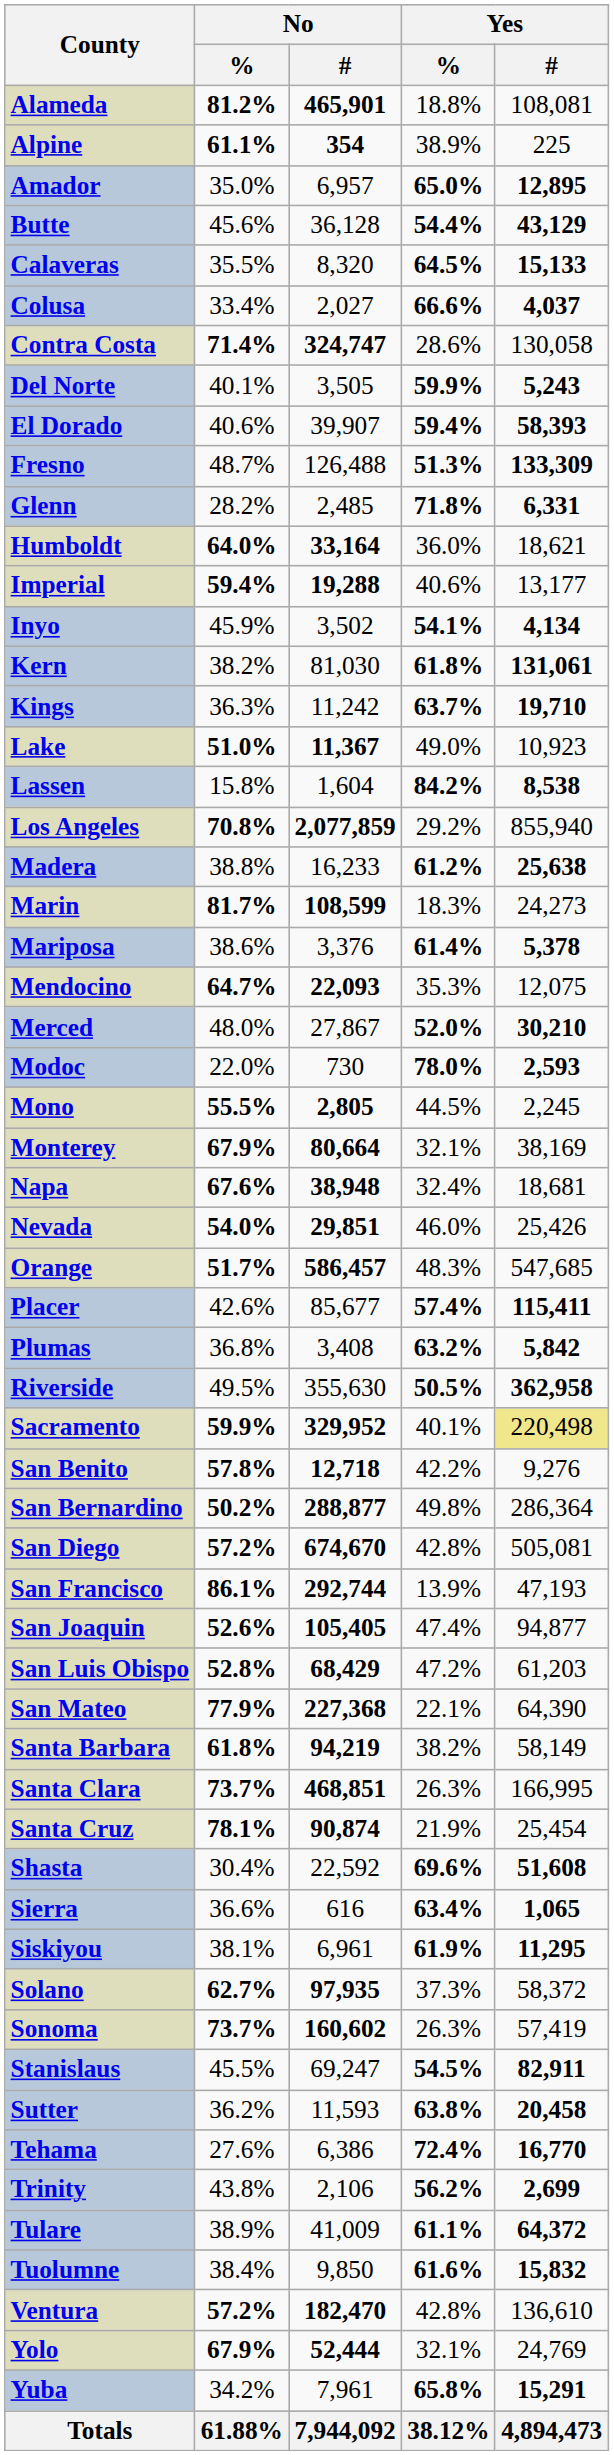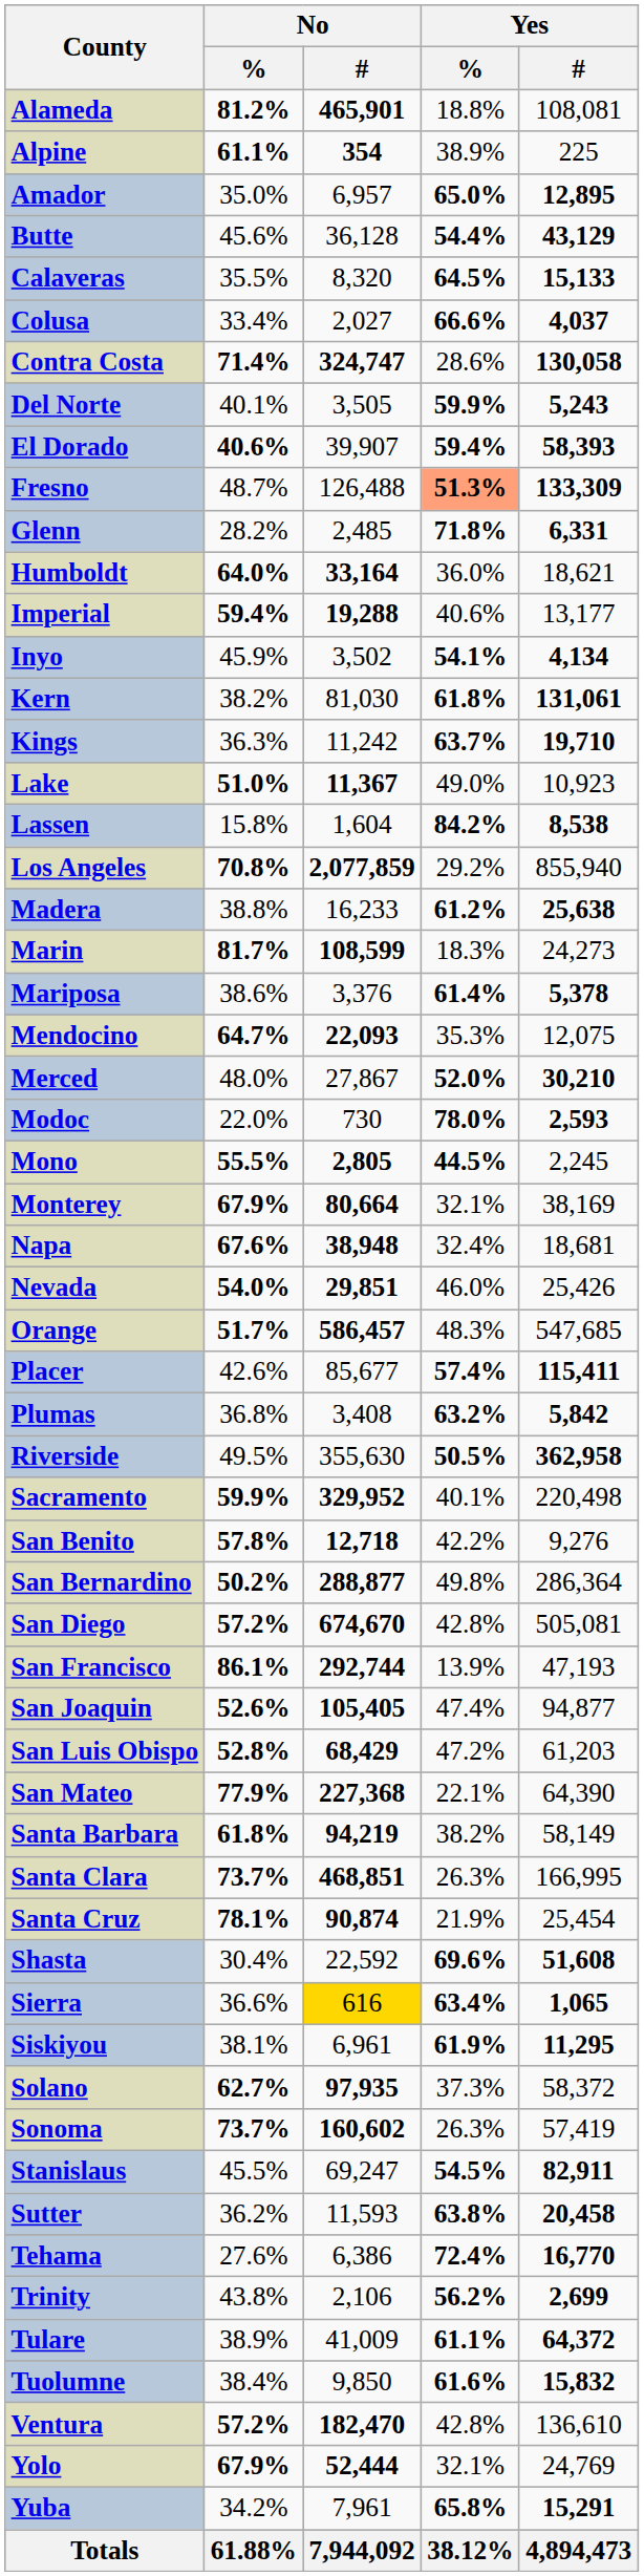 <table class="wikitable sortable">
 <tr>
 <th rowspan="2"  colspan="1">County</th>
 <th colspan="2">No</th>
 <th colspan="2">Yes</th>
 </tr>
 <tr>
 <th>%</th>
 <th>#</th>
 <th>%</th>
 <th>#</th>
 </tr>
 <tr>
 <td style="background:#DEDEBD"><strong><a href='#'>Alameda</a></strong></td>
 <td align=center><strong>81.2%</strong></td>
 <td align="center"><strong>465,901</strong></td>
 <td align="center">18.8%</td>
 <td align="center">108,081</td>
 </tr>
 <tr>
 <td style="background:#DEDEBD"><strong><a href='#'>Alpine</a></strong></td>
 <td align=center><strong>61.1%</strong></td>
 <td align="center"><strong>354</strong></td>
 <td align="center">38.9%</td>
 <td align="center">225</td>
 </tr>
 <tr>
 <td style="background:#B6C8D9"><strong><a href='#'>Amador</a></strong></td>
 <td align=center>35.0%</td>
 <td align="center">6,957</td>
 <td align="center"><strong>65.0%</strong></td>
 <td align="center"><strong>12,895</strong></td>
 </tr>
 <tr>
 <td style="background:#B6C8D9"><strong><a href='#'>Butte</a></strong></td>
 <td align=center>45.6%</td>
 <td align="center">36,128</td>
 <td align="center"><strong>54.4%</strong></td>
 <td align="center"><strong>43,129</strong></td>
 </tr>
 <tr>
 <td style="background:#B6C8D9"><strong><a href='#'>Calaveras</a></strong></td>
 <td align=center>35.5%</td>
 <td align="center">8,320</td>
 <td align="center"><strong>64.5%</strong></td>
 <td align="center"><strong>15,133</strong></td>
 </tr>
 <tr>
 <td style="background:#B6C8D9"><strong><a href='#'>Colusa</a></strong></td>
 <td align=center>33.4%</td>
 <td align="center">2,027</td>
 <td align="center"><strong>66.6%</strong></td>
 <td align="center"><strong>4,037</strong></td>
 </tr>
 <tr>
 <td style="background:#DEDEBD"><strong><a href='#'>Contra Costa</a></strong></td>
 <td align=center><strong>71.4%</strong></td>
 <td align="center"><strong>324,747</strong></td>
 <td align="center">28.6%</td>
-<td align="center">130,058</td>
+<td align="center"><strong>130,058</strong></td>
 </tr>
 <tr>
 <td style="background:#B6C8D9"><strong><a href='#'>Del Norte</a></strong></td>
 <td align=center>40.1%</td>
 <td align="center">3,505</td>
 <td align="center"><strong>59.9%</strong></td>
 <td align="center"><strong>5,243</strong></td>
 </tr>
 <tr>
 <td style="background:#B6C8D9"><strong><a href='#'>El Dorado</a></strong></td>
-<td align=center>40.6%</td>
+<td align=center><strong>40.6%</strong></td>
 <td align="center">39,907</td>
 <td align="center"><strong>59.4%</strong></td>
 <td align="center"><strong>58,393</strong></td>
 </tr>
 <tr>
 <td style="background:#B6C8D9"><strong><a href='#'>Fresno</a></strong></td>
 <td align=center>48.7%</td>
 <td align="center">126,488</td>
-<td align="center"><strong>51.3%</strong></td>
+<td align="center" style="background: lightsalmon;"><strong>51.3%</strong></td>
 <td align="center"><strong>133,309</strong></td>
 </tr>
 <tr>
 <td style="background:#B6C8D9"><strong><a href='#'>Glenn</a></strong></td>
 <td align=center>28.2%</td>
 <td align="center">2,485</td>
 <td align="center"><strong>71.8%</strong></td>
 <td align="center"><strong>6,331</strong></td>
 </tr>
 <tr>
 <td style="background:#DEDEBD"><strong><a href='#'>Humboldt</a></strong></td>
 <td align=center><strong>64.0%</strong></td>
 <td align="center"><strong>33,164</strong></td>
 <td align="center">36.0%</td>
 <td align="center">18,621</td>
 </tr>
 <tr>
 <td style="background:#DEDEBD"><strong><a href='#'>Imperial</a></strong></td>
 <td align=center><strong>59.4%</strong></td>
 <td align="center"><strong>19,288</strong></td>
 <td align="center">40.6%</td>
 <td align="center">13,177</td>
 </tr>
 <tr>
 <td style="background:#B6C8D9"><strong><a href='#'>Inyo</a></strong></td>
 <td align=center>45.9%</td>
 <td align="center">3,502</td>
 <td align="center"><strong>54.1%</strong></td>
 <td align="center"><strong>4,134</strong></td>
 </tr>
 <tr>
 <td style="background:#B6C8D9"><strong><a href='#'>Kern</a></strong></td>
 <td align=center>38.2%</td>
 <td align="center">81,030</td>
 <td align="center"><strong>61.8%</strong></td>
 <td align="center"><strong>131,061</strong></td>
 </tr>
 <tr>
 <td style="background:#B6C8D9"><strong><a href='#'>Kings</a></strong></td>
 <td align=center>36.3%</td>
 <td align="center">11,242</td>
 <td align="center"><strong>63.7%</strong></td>
 <td align="center"><strong>19,710</strong></td>
 </tr>
 <tr>
 <td style="background:#DEDEBD"><strong><a href='#'>Lake</a></strong></td>
 <td align=center><strong>51.0%</strong></td>
 <td align="center"><strong>11,367</strong></td>
 <td align="center">49.0%</td>
 <td align="center">10,923</td>
 </tr>
 <tr>
 <td style="background:#B6C8D9"><strong><a href='#'>Lassen</a></strong></td>
 <td align=center>15.8%</td>
 <td align="center">1,604</td>
 <td align="center"><strong>84.2%</strong></td>
 <td align="center"><strong>8,538</strong></td>
 </tr>
 <tr>
 <td style="background:#DEDEBD"><strong><a href='#'>Los Angeles</a></strong></td>
 <td align=center><strong>70.8%</strong></td>
 <td align="center"><strong>2,077,859</strong></td>
 <td align="center">29.2%</td>
 <td align="center">855,940</td>
 </tr>
 <tr>
 <td style="background:#B6C8D9"><strong><a href='#'>Madera</a></strong></td>
 <td align=center>38.8%</td>
 <td align="center">16,233</td>
 <td align="center"><strong>61.2%</strong></td>
 <td align="center"><strong>25,638</strong></td>
 </tr>
 <tr>
 <td style="background:#DEDEBD"><strong><a href='#'>Marin</a></strong></td>
 <td align=center><strong>81.7%</strong></td>
 <td align="center"><strong>108,599</strong></td>
 <td align="center">18.3%</td>
 <td align="center">24,273</td>
 </tr>
 <tr>
 <td style="background:#B6C8D9"><strong><a href='#'>Mariposa</a></strong></td>
 <td align=center>38.6%</td>
 <td align="center">3,376</td>
 <td align="center"><strong>61.4%</strong></td>
 <td align="center"><strong>5,378</strong></td>
 </tr>
 <tr>
 <td style="background:#DEDEBD"><strong><a href='#'>Mendocino</a></strong></td>
 <td align=center><strong>64.7%</strong></td>
 <td align="center"><strong>22,093</strong></td>
 <td align="center">35.3%</td>
 <td align="center">12,075</td>
 </tr>
 <tr>
 <td style="background:#B6C8D9"><strong><a href='#'>Merced</a></strong></td>
 <td align=center>48.0%</td>
 <td align="center">27,867</td>
 <td align="center"><strong>52.0%</strong></td>
 <td align="center"><strong>30,210</strong></td>
 </tr>
 <tr>
 <td style="background:#B6C8D9"><strong><a href='#'>Modoc</a></strong></td>
 <td align=center>22.0%</td>
 <td align="center">730</td>
 <td align="center"><strong>78.0%</strong></td>
 <td align="center"><strong>2,593</strong></td>
 </tr>
 <tr>
 <td style="background:#DEDEBD"><strong><a href='#'>Mono</a></strong></td>
 <td align=center><strong>55.5%</strong></td>
 <td align="center"><strong>2,805</strong></td>
-<td align="center">44.5%</td>
+<td align="center"><strong>44.5%</strong></td>
 <td align="center">2,245</td>
 </tr>
 <tr>
 <td style="background:#DEDEBD"><strong><a href='#'>Monterey</a></strong></td>
 <td align=center><strong>67.9%</strong></td>
 <td align="center"><strong>80,664</strong></td>
 <td align="center">32.1%</td>
 <td align="center">38,169</td>
 </tr>
 <tr>
 <td style="background:#DEDEBD"><strong><a href='#'>Napa</a></strong></td>
 <td align=center><strong>67.6%</strong></td>
 <td align="center"><strong>38,948</strong></td>
 <td align="center">32.4%</td>
 <td align="center">18,681</td>
 </tr>
 <tr>
 <td style="background:#DEDEBD"><strong><a href='#'>Nevada</a></strong></td>
 <td align=center><strong>54.0%</strong></td>
 <td align="center"><strong>29,851</strong></td>
 <td align="center">46.0%</td>
 <td align="center">25,426</td>
 </tr>
 <tr>
 <td style="background:#DEDEBD"><strong><a href='#'>Orange</a></strong></td>
 <td align=center><strong>51.7%</strong></td>
 <td align="center"><strong>586,457</strong></td>
 <td align="center">48.3%</td>
 <td align="center">547,685</td>
 </tr>
 <tr>
 <td style="background:#B6C8D9"><strong><a href='#'>Placer</a></strong></td>
 <td align=center>42.6%</td>
 <td align="center">85,677</td>
 <td align="center"><strong>57.4%</strong></td>
 <td align="center"><strong>115,411</strong></td>
 </tr>
 <tr>
 <td style="background:#B6C8D9"><strong><a href='#'>Plumas</a></strong></td>
 <td align=center>36.8%</td>
 <td align="center">3,408</td>
 <td align="center"><strong>63.2%</strong></td>
 <td align="center"><strong>5,842</strong></td>
 </tr>
 <tr>
 <td style="background:#B6C8D9"><strong><a href='#'>Riverside</a></strong></td>
 <td align=center>49.5%</td>
 <td align="center">355,630</td>
 <td align="center"><strong>50.5%</strong></td>
 <td align="center"><strong>362,958</strong></td>
 </tr>
 <tr>
 <td style="background:#DEDEBD"><strong><a href='#'>Sacramento</a></strong></td>
 <td align=center><strong>59.9%</strong></td>
 <td align="center"><strong>329,952</strong></td>
 <td align="center">40.1%</td>
-<td align="center" style="background: khaki;">220,498</td>
+<td align="center">220,498</td>
 </tr>
 <tr>
 <td style="background:#DEDEBD"><strong><a href='#'>San Benito</a></strong></td>
 <td align=center><strong>57.8%</strong></td>
 <td align="center"><strong>12,718</strong></td>
 <td align="center">42.2%</td>
 <td align="center">9,276</td>
 </tr>
 <tr>
 <td style="background:#DEDEBD"><strong><a href='#'>San Bernardino</a></strong></td>
 <td align=center><strong>50.2%</strong></td>
 <td align="center"><strong>288,877</strong></td>
 <td align="center">49.8%</td>
 <td align="center">286,364</td>
 </tr>
 <tr>
 <td style="background:#DEDEBD"><strong><a href='#'>San Diego</a></strong></td>
 <td align=center><strong>57.2%</strong></td>
 <td align="center"><strong>674,670</strong></td>
 <td align="center">42.8%</td>
 <td align="center">505,081</td>
 </tr>
 <tr>
 <td style="background:#DEDEBD"><strong><a href='#'>San Francisco</a></strong></td>
 <td align="center"><strong>86.1%</strong></td>
 <td align="center"><strong>292,744</strong></td>
 <td align="center">13.9%</td>
 <td align="center">47,193</td>
 </tr>
 <tr>
 <td style="background:#DEDEBD"><strong><a href='#'>San Joaquin</a></strong></td>
 <td align=center><strong>52.6%</strong></td>
 <td align="center"><strong>105,405</strong></td>
 <td align="center">47.4%</td>
 <td align="center">94,877</td>
 </tr>
 <tr>
 <td style="background:#DEDEBD"><strong><a href='#'>San Luis Obispo</a></strong></td>
 <td align=center><strong>52.8%</strong></td>
 <td align="center"><strong>68,429</strong></td>
 <td align="center">47.2%</td>
 <td align="center">61,203</td>
 </tr>
 <tr>
 <td style="background:#DEDEBD"><strong><a href='#'>San Mateo</a></strong></td>
 <td align=center><strong>77.9%</strong></td>
 <td align="center"><strong>227,368</strong></td>
 <td align="center">22.1%</td>
 <td align="center">64,390</td>
 </tr>
 <tr>
 <td style="background:#DEDEBD"><strong><a href='#'>Santa Barbara</a></strong></td>
 <td align=center><strong>61.8%</strong></td>
 <td align="center"><strong>94,219</strong></td>
 <td align="center">38.2%</td>
 <td align="center">58,149</td>
 </tr>
 <tr>
 <td style="background:#DEDEBD"><strong><a href='#'>Santa Clara</a></strong></td>
 <td align=center><strong>73.7%</strong></td>
 <td align="center"><strong>468,851</strong></td>
 <td align="center">26.3%</td>
 <td align="center">166,995</td>
 </tr>
 <tr>
 <td style="background:#DEDEBD"><strong><a href='#'>Santa Cruz</a></strong></td>
 <td align=center><strong>78.1%</strong></td>
 <td align="center"><strong>90,874</strong></td>
 <td align="center">21.9%</td>
 <td align="center">25,454</td>
 </tr>
 <tr>
 <td style="background:#B6C8D9"><strong><a href='#'>Shasta</a></strong></td>
 <td align=center>30.4%</td>
 <td align="center">22,592</td>
 <td align="center"><strong>69.6%</strong></td>
 <td align="center"><strong>51,608</strong></td>
 </tr>
 <tr>
 <td style="background:#B6C8D9"><strong><a href='#'>Sierra</a></strong></td>
 <td align=center>36.6%</td>
-<td align="center">616</td>
+<td align="center" style="background: gold;">616</td>
 <td align="center"><strong>63.4%</strong></td>
 <td align="center"><strong>1,065</strong></td>
 </tr>
 <tr>
 <td style="background:#B6C8D9"><strong><a href='#'>Siskiyou</a></strong></td>
 <td align=center>38.1%</td>
 <td align="center">6,961</td>
 <td align="center"><strong>61.9%</strong></td>
 <td align="center"><strong>11,295</strong></td>
 </tr>
 <tr>
 <td style="background:#DEDEBD"><strong><a href='#'>Solano</a></strong></td>
 <td align=center><strong>62.7%</strong></td>
 <td align="center"><strong>97,935</strong></td>
 <td align="center">37.3%</td>
 <td align="center">58,372</td>
 </tr>
 <tr>
 <td style="background:#DEDEBD"><strong><a href='#'>Sonoma</a></strong></td>
 <td align=center><strong>73.7%</strong></td>
 <td align="center"><strong>160,602</strong></td>
 <td align="center">26.3%</td>
 <td align="center">57,419</td>
 </tr>
 <tr>
 <td style="background:#B6C8D9"><strong><a href='#'>Stanislaus</a></strong></td>
 <td align=center>45.5%</td>
 <td align="center">69,247</td>
 <td align="center"><strong>54.5%</strong></td>
 <td align="center"><strong>82,911</strong></td>
 </tr>
 <tr>
 <td style="background:#B6C8D9"><strong><a href='#'>Sutter</a></strong></td>
 <td align=center>36.2%</td>
 <td align="center">11,593</td>
 <td align="center"><strong>63.8%</strong></td>
 <td align="center"><strong>20,458</strong></td>
 </tr>
 <tr>
 <td style="background:#B6C8D9"><strong><a href='#'>Tehama</a></strong></td>
 <td align=center>27.6%</td>
 <td align="center">6,386</td>
 <td align="center"><strong>72.4%</strong></td>
 <td align="center"><strong>16,770</strong></td>
 </tr>
 <tr>
 <td style="background:#B6C8D9"><strong><a href='#'>Trinity</a></strong></td>
 <td align=center>43.8%</td>
 <td align="center">2,106</td>
 <td align="center"><strong>56.2%</strong></td>
 <td align="center"><strong>2,699</strong></td>
 </tr>
 <tr>
 <td style="background:#B6C8D9"><strong><a href='#'>Tulare</a></strong></td>
 <td align=center>38.9%</td>
 <td align="center">41,009</td>
 <td align="center"><strong>61.1%</strong></td>
 <td align="center"><strong>64,372</strong></td>
 </tr>
 <tr>
 <td style="background:#B6C8D9"><strong><a href='#'>Tuolumne</a></strong></td>
 <td align=center>38.4%</td>
 <td align="center">9,850</td>
 <td align="center"><strong>61.6%</strong></td>
 <td align="center"><strong>15,832</strong></td>
 </tr>
 <tr>
 <td style="background:#DEDEBD"><strong><a href='#'>Ventura</a></strong></td>
 <td align=center><strong>57.2%</strong></td>
 <td align="center"><strong>182,470</strong></td>
 <td align="center">42.8%</td>
 <td align="center">136,610</td>
 </tr>
 <tr>
 <td style="background:#DEDEBD"><strong><a href='#'>Yolo</a></strong></td>
 <td align=center><strong>67.9%</strong></td>
 <td align="center"><strong>52,444</strong></td>
 <td align="center">32.1%</td>
 <td align="center">24,769</td>
 </tr>
 <tr>
 <td style="background:#B6C8D9"><strong><a href='#'>Yuba</a></strong></td>
 <td align=center>34.2%</td>
 <td align="center">7,961</td>
 <td align="center"><strong>65.8%</strong></td>
 <td align="center"><strong>15,291</strong></td>
 </tr>
 <tr>
 <th>Totals</th>
 <th>61.88%</th>
 <th><strong>7,944,092</strong></th>
 <th>38.12%</th>
 <th>4,894,473</th>
 </tr>
 </table>
